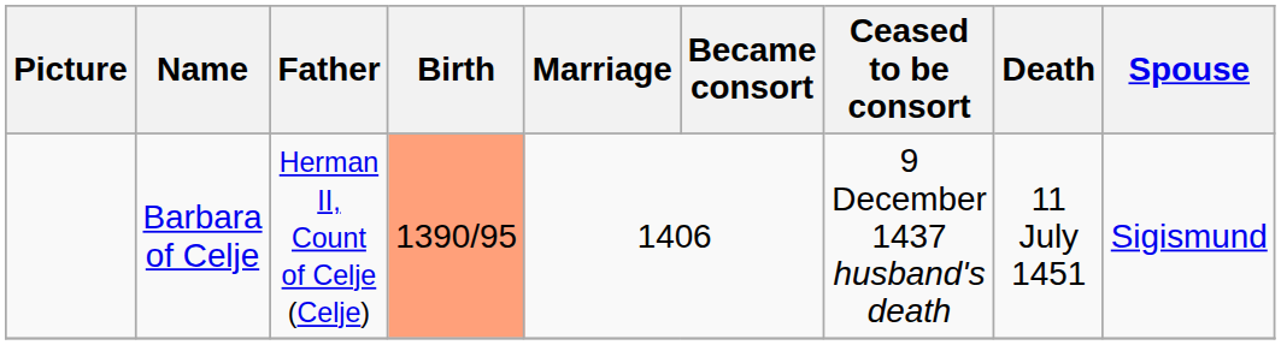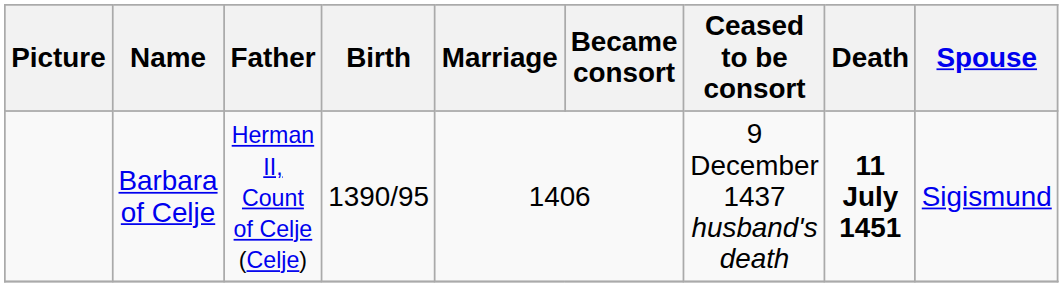 <table width=95% class="wikitable">
 <tr>
 <th width = "6%">Picture</th>
 <th width = "10%">Name</th>
 <th width = "9%">Father</th>
 <th width = "10%">Birth</th>
 <th width = "9%">Marriage</th>
 <th width = "9%">Became consort</th>
 <th width = "9%">Ceased to be consort</th>
 <th width = "9%">Death</th>
 <th width = "6%"><a href='#'>Spouse</a></th>
 </tr>
 <tr>
 <td style="text-align:center"></td>
 <td style="text-align:center"><a href='#'>Barbara of Celje</a></td>
 <td style="text-align:center"><small><a href='#'>Herman II, Count of Celje</a><br>(<a href='#'>Celje</a>)</small></td>
-<td style="background: lightsalmon; text-align:center">1390/95</td>
+<td style="text-align:center">1390/95</td>
 <td style="text-align:center" colspan="2">1406</td>
 <td style="text-align:center">9 December 1437<br><em>husband's death</em></td>
-<td style="text-align:center">11 July 1451</td>
+<td style="text-align:center"><strong>11 July 1451</strong></td>
 <td style="text-align:center"><a href='#'>Sigismund</a></td>
 </tr>
 <tr>
 </tr>
 </table>
